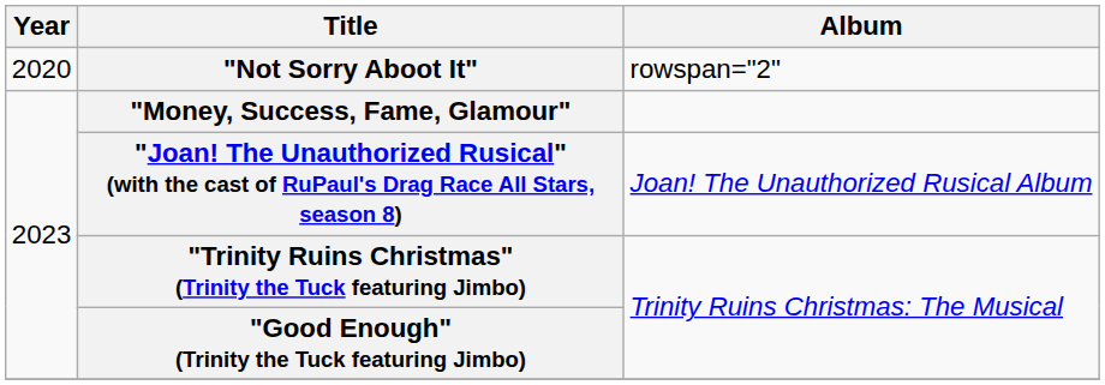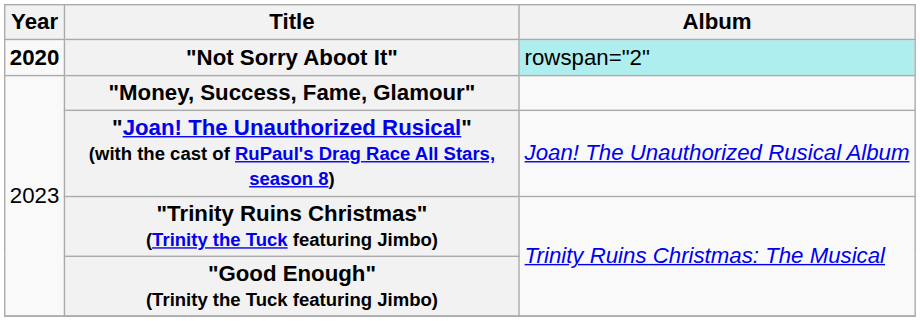 <table class="wikitable plainrowheaders" style="text-align:left;">
 <tr>
 <th>Year</th>
 <th style="width:20em;">Title</th>
 <th>Album</th>
 </tr>
 <tr>
-<td>2020</td>
+<td><strong>2020</strong></td>
 <th scope="row">"Not Sorry Aboot It"<br></th>
-<td>rowspan="2" </td>
+<td style="background: paleturquoise;">rowspan="2" </td>
 </tr>
 <tr>
 <td rowspan="4">2023</td>
 <th scope="row">"Money, Success, Fame, Glamour" </th>
 </tr>
 <tr>
 <th scope="row">"<a href='#'>Joan! The Unauthorized Rusical</a>"<br><small>(with the cast of <a href='#'>RuPaul's Drag Race All Stars, season 8</a>)</small></th>
 <td><em><a href='#'>Joan! The Unauthorized Rusical Album</a></em></td>
 </tr>
 <tr>
 <th scope="row">"Trinity Ruins Christmas" <br><small>(<a href='#'>Trinity the Tuck</a> featuring Jimbo)</small></th>
 <td rowspan="2"><em><a href='#'>Trinity Ruins Christmas: The Musical</a></em></td>
 </tr>
 <tr>
 <th scope="row">"Good Enough" <br><small>(Trinity the Tuck featuring Jimbo)</small></th>
 </tr>
 <tr>
 </tr>
 </table>
